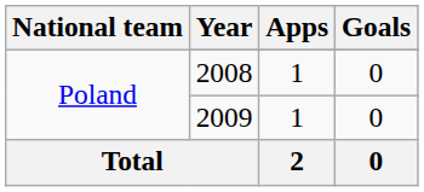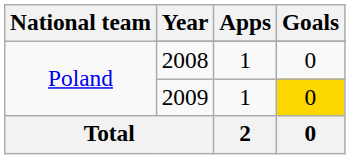 <table class="wikitable" style="text-align:center">
 <tr>
 <th>National team</th>
 <th>Year</th>
 <th>Apps</th>
 <th>Goals</th>
 </tr>
 <tr>
 <td rowspan=3><a href='#'>Poland</a></td>
 </tr>
 <tr>
 <td>2008</td>
 <td>1</td>
 <td>0</td>
 </tr>
 <tr>
 <td>2009</td>
 <td>1</td>
-<td>0</td>
+<td style="background: gold;">0</td>
 </tr>
 <tr>
 <th colspan="2">Total</th>
 <th>2</th>
 <th>0</th>
 </tr>
 </table>
